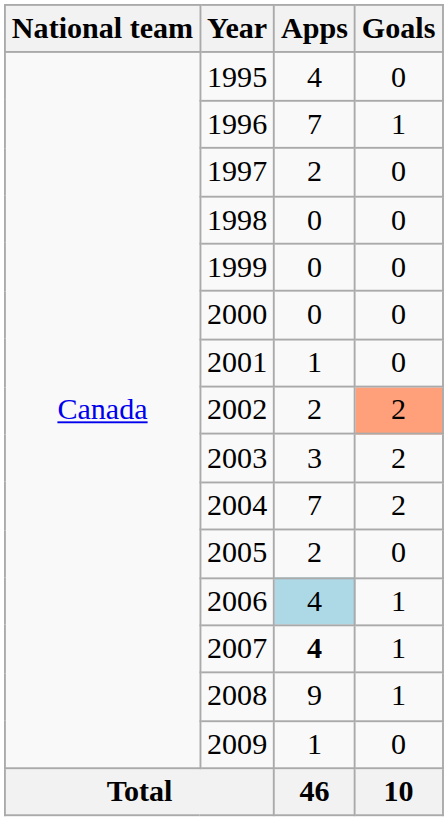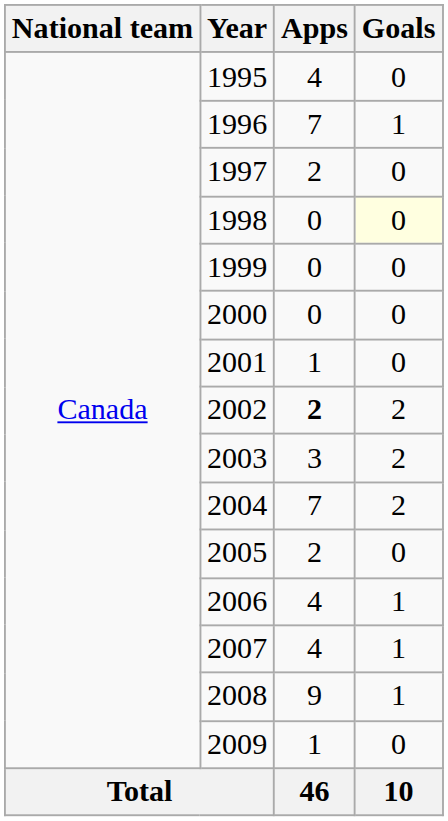 <table class="wikitable" style="text-align:center">
 <tr>
 <th>National team</th>
 <th>Year</th>
 <th>Apps</th>
 <th>Goals</th>
 </tr>
 <tr>
 <td rowspan="15"><a href='#'>Canada</a></td>
 <td>1995</td>
 <td>4</td>
 <td>0</td>
 </tr>
 <tr>
 <td>1996</td>
 <td>7</td>
 <td>1</td>
 </tr>
 <tr>
 <td>1997</td>
 <td>2</td>
 <td>0</td>
 </tr>
 <tr>
 <td>1998</td>
 <td>0</td>
-<td>0</td>
+<td style="background: lightyellow;">0</td>
 </tr>
 <tr>
 <td>1999</td>
 <td>0</td>
 <td>0</td>
 </tr>
 <tr>
 <td>2000</td>
 <td>0</td>
 <td>0</td>
 </tr>
 <tr>
 <td>2001</td>
 <td>1</td>
 <td>0</td>
 </tr>
 <tr>
 <td>2002</td>
+<td><strong>2</strong></td>
 <td>2</td>
-<td style="background: lightsalmon;">2</td>
 </tr>
 <tr>
 <td>2003</td>
 <td>3</td>
 <td>2</td>
 </tr>
 <tr>
 <td>2004</td>
 <td>7</td>
 <td>2</td>
 </tr>
 <tr>
 <td>2005</td>
 <td>2</td>
 <td>0</td>
 </tr>
 <tr>
 <td>2006</td>
-<td style="background: lightblue;">4</td>
+<td>4</td>
 <td>1</td>
 </tr>
 <tr>
 <td>2007</td>
-<td><strong>4</strong></td>
+<td>4</td>
 <td>1</td>
 </tr>
 <tr>
 <td>2008</td>
 <td>9</td>
 <td>1</td>
 </tr>
 <tr>
 <td>2009</td>
 <td>1</td>
 <td>0</td>
 </tr>
 <tr>
 <th colspan="2">Total</th>
 <th>46</th>
 <th>10</th>
 </tr>
 </table>
